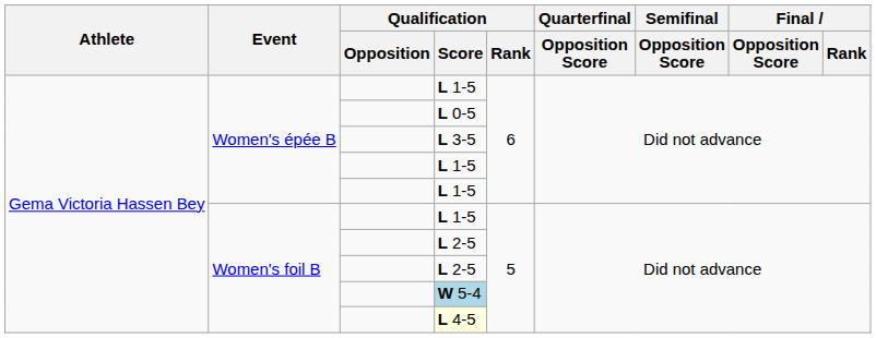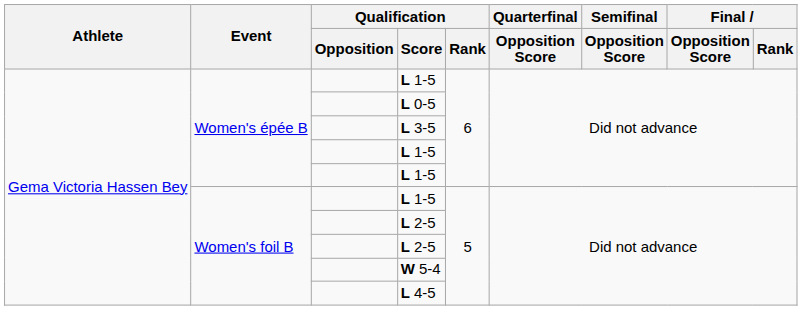 <table class=wikitable style="font-size:90%">
 <tr>
 <th rowspan="2">Athlete</th>
 <th rowspan="2">Event</th>
 <th colspan="3">Qualification</th>
 <th>Quarterfinal</th>
 <th>Semifinal</th>
 <th colspan="2">Final / </th>
 </tr>
 <tr>
 <th>Opposition</th>
 <th>Score</th>
 <th>Rank</th>
 <th>Opposition<br>Score</th>
 <th>Opposition<br>Score</th>
 <th>Opposition<br>Score</th>
 <th>Rank</th>
 </tr>
 <tr>
 <td rowspan=10><a href='#'>Gema Victoria Hassen Bey</a></td>
 <td rowspan=5><a href='#'>Women's épée B</a></td>
 <td></td>
 <td><strong>L</strong> 1-5</td>
 <td align="center" rowspan=5>6</td>
 <td align="center" rowspan=5 colspan=4>Did not advance</td>
 </tr>
 <tr>
 <td></td>
 <td><strong>L</strong> 0-5</td>
 </tr>
 <tr>
 <td></td>
 <td><strong>L</strong> 3-5</td>
 </tr>
 <tr>
 <td></td>
 <td><strong>L</strong> 1-5</td>
 </tr>
 <tr>
 <td></td>
 <td><strong>L</strong> 1-5</td>
 </tr>
 <tr>
 <td rowspan=5><a href='#'>Women's foil B</a></td>
 <td></td>
 <td><strong>L</strong> 1-5</td>
 <td align="center" rowspan=5>5</td>
 <td align="center" rowspan=5 colspan=4>Did not advance</td>
 </tr>
 <tr>
 <td></td>
 <td><strong>L</strong> 2-5</td>
 </tr>
 <tr>
 <td></td>
 <td><strong>L</strong> 2-5</td>
 </tr>
 <tr>
 <td></td>
-<td style="background: lightblue;"><strong>W</strong> 5-4</td>
+<td><strong>W</strong> 5-4</td>
 </tr>
 <tr>
 <td></td>
-<td style="background: lightyellow;"><strong>L</strong> 4-5</td>
+<td><strong>L</strong> 4-5</td>
 </tr>
 </table>
